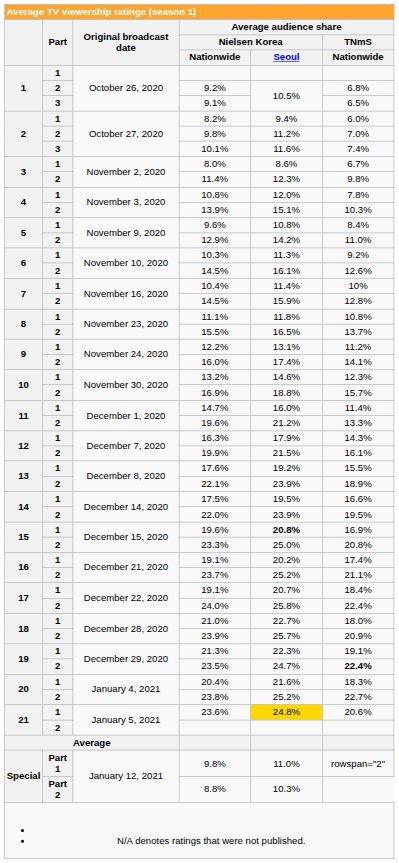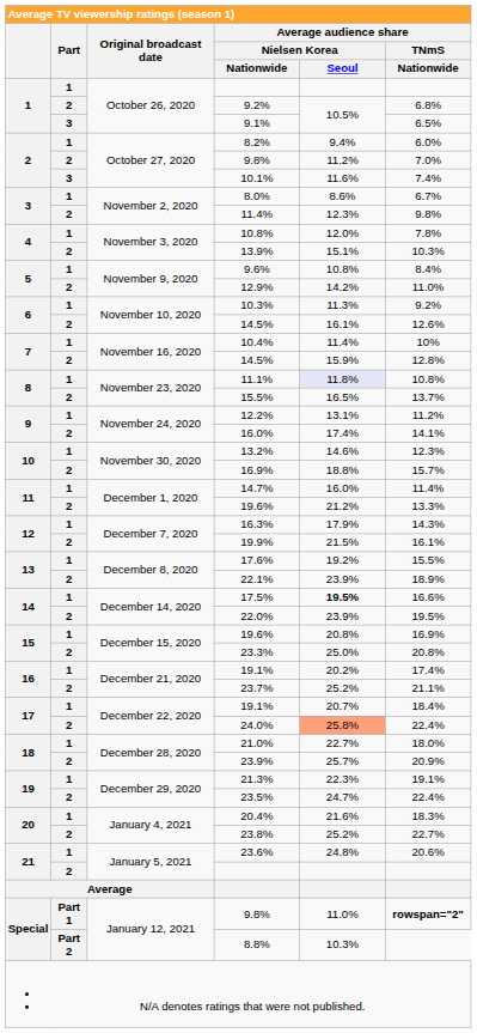 <table role="presentation" class="wikitable mw-collapsible mw-collapsed" style="text-align:center; max-width:650px; margin-left:auto; margin-right:auto; border:none">
 <tr>
 <th colspan="6" style="background:#FEA530; color:white; text-align:left">Average TV viewership ratings (season 1)</th>
 </tr>
 <tr>
 <th scope="col" rowspan="3"></th>
 <th scope="col" rowspan="3">Part</th>
 <th scope="col" rowspan="3">Original broadcast date</th>
 <th scope="col" colspan="3">Average audience share</th>
 </tr>
 <tr>
 <th scope="col" colspan="2">Nielsen Korea</th>
 <th scope="col">TNmS</th>
 </tr>
 <tr>
 <th scope="col" style="width:7em">Nationwide</th>
 <th scope="col" style="width:7em"><a href='#'>Seoul</a></th>
 <th scope="col" style="width:7em">Nationwide</th>
 </tr>
 <tr>
 <th scope="col" rowspan="3">1</th>
 <th scope="col">1</th>
 <td rowspan="3">October 26, 2020</td>
 <td><strong></strong> </td>
 <td><strong></strong> </td>
 <td><strong></strong> </td>
 </tr>
 <tr>
 <th scope="col">2</th>
 <td>9.2% </td>
 <td rowspan="2">10.5% </td>
 <td>6.8% </td>
 </tr>
 <tr>
 <th scope="col">3</th>
 <td>9.1% </td>
 <td>6.5% </td>
 </tr>
 <tr>
 <th scope="col" rowspan="3">2</th>
 <th scope="col">1</th>
 <td rowspan="3">October 27, 2020</td>
 <td>8.2% </td>
 <td>9.4% </td>
 <td>6.0% </td>
 </tr>
 <tr>
 <th scope="col">2</th>
 <td>9.8% </td>
 <td>11.2% </td>
 <td>7.0% </td>
 </tr>
 <tr>
 <th scope="col">3</th>
 <td>10.1% </td>
 <td>11.6% </td>
 <td>7.4%  </td>
 </tr>
 <tr>
 <th scope="col" rowspan="2">3</th>
 <th scope="col">1</th>
 <td rowspan="2">November 2, 2020</td>
 <td>8.0% </td>
 <td>8.6% </td>
 <td>6.7% </td>
 </tr>
 <tr>
 <th scope="col">2</th>
 <td>11.4% </td>
 <td>12.3% </td>
 <td>9.8% </td>
 </tr>
 <tr>
 <th scope="col" rowspan="2">4</th>
 <th scope="col">1</th>
 <td rowspan="2">November 3, 2020</td>
 <td>10.8% </td>
 <td>12.0% </td>
 <td>7.8% </td>
 </tr>
 <tr>
 <th scope="col">2</th>
 <td>13.9% </td>
 <td>15.1% </td>
 <td>10.3% </td>
 </tr>
 <tr>
 <th scope="col" rowspan="2">5</th>
 <th scope="col">1</th>
 <td rowspan="2">November 9, 2020</td>
 <td>9.6% </td>
 <td>10.8% </td>
 <td>8.4% </td>
 </tr>
 <tr>
 <th scope="col">2</th>
 <td>12.9% </td>
 <td>14.2% </td>
 <td>11.0% </td>
 </tr>
 <tr>
 <th scope="col" rowspan="2">6</th>
 <th scope="col">1</th>
 <td rowspan="2">November 10, 2020</td>
 <td>10.3% </td>
 <td>11.3% </td>
 <td>9.2% </td>
 </tr>
 <tr>
 <th scope="col">2</th>
 <td>14.5% </td>
 <td>16.1% </td>
 <td>12.6% </td>
 </tr>
 <tr>
 <th scope="col" rowspan="2">7</th>
 <th scope="col">1</th>
 <td rowspan="2">November 16, 2020</td>
 <td>10.4% </td>
 <td>11.4% </td>
 <td>10% </td>
 </tr>
 <tr>
 <th scope="col">2</th>
 <td>14.5% </td>
 <td>15.9% </td>
 <td>12.8% </td>
 </tr>
 <tr>
 <th scope="col" rowspan="2">8</th>
 <th scope="col">1</th>
 <td rowspan="2">November 23, 2020</td>
 <td>11.1% </td>
-<td>11.8% </td>
+<td style="background: lavender;">11.8% </td>
 <td>10.8% </td>
 </tr>
 <tr>
 <th scope="col">2</th>
 <td>15.5% </td>
 <td>16.5% </td>
 <td>13.7% </td>
 </tr>
 <tr>
 <th scope="col" rowspan="2">9</th>
 <th scope="col">1</th>
 <td rowspan="2">November 24, 2020</td>
 <td>12.2% </td>
 <td>13.1% </td>
 <td>11.2% </td>
 </tr>
 <tr>
 <th scope="col">2</th>
 <td>16.0% </td>
 <td>17.4% </td>
 <td>14.1% </td>
 </tr>
 <tr>
 <th scope="col" rowspan="2">10</th>
 <th scope="col">1</th>
 <td rowspan="2">November 30, 2020</td>
 <td>13.2% </td>
 <td>14.6% </td>
 <td>12.3% </td>
 </tr>
 <tr>
 <th scope="col">2</th>
 <td>16.9% </td>
 <td>18.8% </td>
 <td>15.7% </td>
 </tr>
 <tr>
 <th scope="col" rowspan="2">11</th>
 <th scope="col">1</th>
 <td rowspan="2">December 1, 2020</td>
 <td>14.7% </td>
 <td>16.0% </td>
 <td>11.4% </td>
 </tr>
 <tr>
 <th scope="col">2</th>
 <td>19.6% </td>
 <td>21.2% </td>
 <td>13.3% </td>
 </tr>
 <tr>
 <th scope="col" rowspan="2">12</th>
 <th scope="col">1</th>
 <td rowspan="2">December 7, 2020</td>
 <td>16.3% </td>
 <td>17.9% </td>
 <td>14.3% </td>
 </tr>
 <tr>
 <th scope="col">2</th>
 <td>19.9% </td>
 <td>21.5% </td>
 <td>16.1% </td>
 </tr>
 <tr>
 <th scope="col" rowspan="2">13</th>
 <th scope="col">1</th>
 <td rowspan="2">December 8, 2020</td>
 <td>17.6% </td>
 <td>19.2% </td>
 <td>15.5% </td>
 </tr>
 <tr>
 <th scope="col">2</th>
 <td>22.1% </td>
 <td>23.9% </td>
 <td>18.9% </td>
 </tr>
 <tr>
 <th scope="col" rowspan="2">14</th>
 <th scope="col">1</th>
 <td rowspan="2">December 14, 2020</td>
 <td>17.5% </td>
-<td>19.5% </td>
+<td><strong>19.5% </strong></td>
 <td>16.6% </td>
 </tr>
 <tr>
 <th scope="col">2</th>
 <td>22.0% </td>
 <td>23.9% </td>
 <td>19.5% </td>
 </tr>
 <tr>
 <th scope="col" rowspan="2">15</th>
 <th scope="col">1</th>
 <td rowspan="2">December 15, 2020</td>
 <td>19.6% </td>
-<td><strong>20.8% </strong></td>
+<td>20.8% </td>
 <td>16.9% </td>
 </tr>
 <tr>
 <th scope="col">2</th>
 <td>23.3% </td>
 <td>25.0% </td>
 <td>20.8% </td>
 </tr>
 <tr>
 <th scope="col" rowspan="2">16</th>
 <th scope="col">1</th>
 <td rowspan="2">December 21, 2020</td>
 <td>19.1% </td>
 <td>20.2% </td>
 <td>17.4% </td>
 </tr>
 <tr>
 <th scope="col">2</th>
 <td>23.7% </td>
 <td>25.2% </td>
 <td>21.1% </td>
 </tr>
 <tr>
 <th scope="col" rowspan="2">17</th>
 <th scope="col">1</th>
 <td rowspan="2">December 22, 2020</td>
 <td>19.1% </td>
 <td>20.7% </td>
 <td>18.4% </td>
 </tr>
 <tr>
 <th scope="col">2</th>
 <td>24.0% </td>
-<td>25.8% </td>
+<td style="background: lightsalmon;">25.8% </td>
 <td>22.4% </td>
 </tr>
 <tr>
 <th scope="col" rowspan="2">18</th>
 <th scope="col">1</th>
 <td rowspan="2">December 28, 2020</td>
 <td>21.0% </td>
 <td>22.7% </td>
 <td>18.0% </td>
 </tr>
 <tr>
 <th scope="col">2</th>
 <td>23.9% </td>
 <td>25.7% </td>
 <td>20.9% </td>
 </tr>
 <tr>
 <th scope="col" rowspan="2">19</th>
 <th scope="col">1</th>
 <td rowspan="2">December 29, 2020</td>
 <td>21.3% </td>
 <td>22.3% </td>
 <td>19.1% </td>
 </tr>
 <tr>
 <th scope="col">2</th>
 <td>23.5% </td>
 <td>24.7% </td>
-<td><strong>22.4% </strong></td>
+<td>22.4% </td>
 </tr>
 <tr>
 <th scope="col" rowspan="2">20</th>
 <th scope="col">1</th>
 <td rowspan="2">January 4, 2021</td>
 <td>20.4% </td>
 <td>21.6% </td>
 <td>18.3% </td>
 </tr>
 <tr>
 <th scope="col">2</th>
 <td>23.8% </td>
 <td>25.2% </td>
 <td>22.7% </td>
 </tr>
 <tr>
 <th scope="col" rowspan="2">21</th>
 <th scope="col">1</th>
 <td rowspan="2">January 5, 2021</td>
 <td>23.6% </td>
-<td style="background: gold;">24.8% </td>
+<td>24.8% </td>
 <td>20.6% </td>
 </tr>
 <tr>
 <th scope="col">2</th>
 <td><strong></strong> </td>
 <td><strong></strong> </td>
 <td><strong></strong> </td>
 </tr>
 <tr>
 <th scope="col" colspan="3">Average</th>
 <th scope="col"></th>
 <th scope="col"></th>
 <th scope="col"></th>
 </tr>
 <tr>
 <th scope="col" rowspan="2">Special</th>
 <th scope="col">Part 1</th>
 <td rowspan="2">January 12, 2021</td>
 <td>9.8% </td>
 <td>11.0% </td>
-<td>rowspan="2" </td>
+<td><strong>rowspan="2" </strong></td>
 </tr>
 <tr>
 <th scope="col">Part 2</th>
 <td>8.8% </td>
 <td>10.3% </td>
 </tr>
 <tr>
 <td colspan="6"><br><ul><li></li><li>N/A denotes ratings that were not published.</li></ul></td>
 </tr>
 </table>
